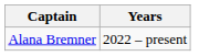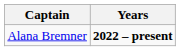 <table class="wikitable" style="text-align: center;">
 <tr>
 <th>Captain</th>
 <th>Years</th>
 </tr>
 <tr>
 <td> <a href='#'>Alana Bremner</a></td>
-<td>2022 – present</td>
+<td><strong>2022 – present</strong></td>
 </tr>
 </table>
